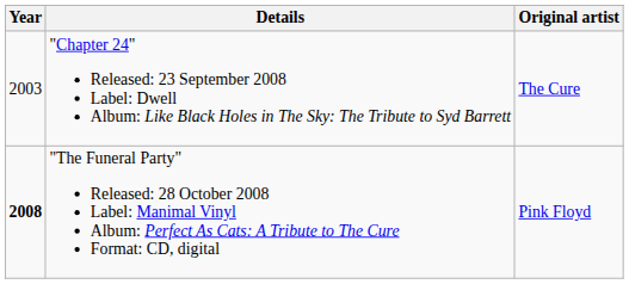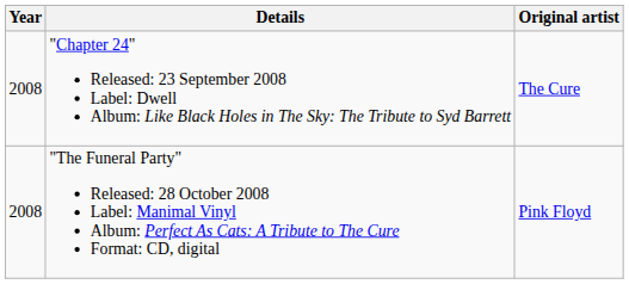 <table class="wikitable">
 <tr>
 <th>Year</th>
 <th>Details</th>
 <th>Original artist</th>
 </tr>
 <tr>
-<td>2003</td>
+<td>2008</td>
 <td>"<a href='#'>Chapter 24</a>"<br><ul><li>Released: 23 September 2008</li><li>Label: Dwell</li><li>Album: <em>Like Black Holes in The Sky: The Tribute to Syd Barrett</em></li></ul></td>
 <td><a href='#'>The Cure</a></td>
 </tr>
 <tr>
-<td><strong>2008</strong></td>
+<td>2008</td>
 <td>"The Funeral Party"<br><ul><li>Released: 28 October 2008</li><li>Label: <a href='#'>Manimal Vinyl</a></li><li>Album: <em><a href='#'>Perfect As Cats: A Tribute to The Cure</a></em></li><li>Format: CD, digital</li></ul></td>
 <td><a href='#'>Pink Floyd</a></td>
 </tr>
 </table>
